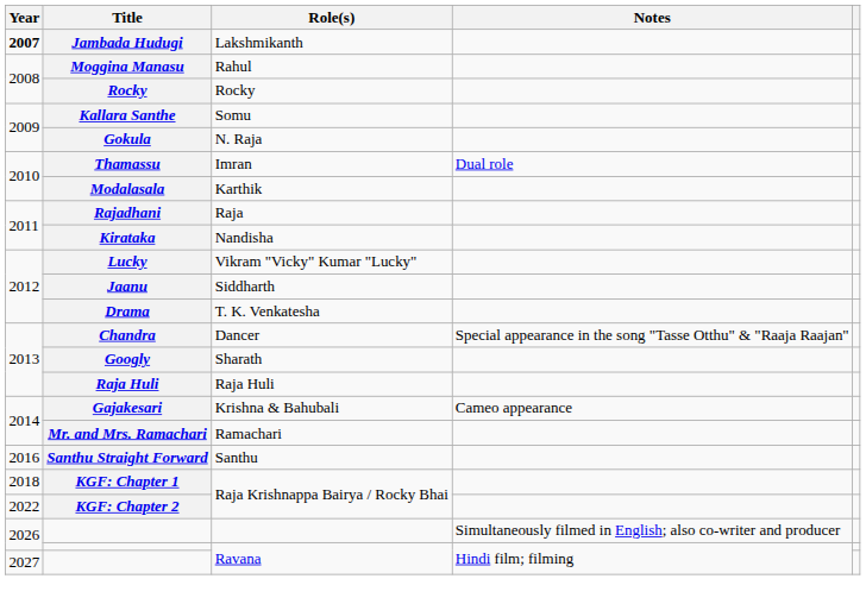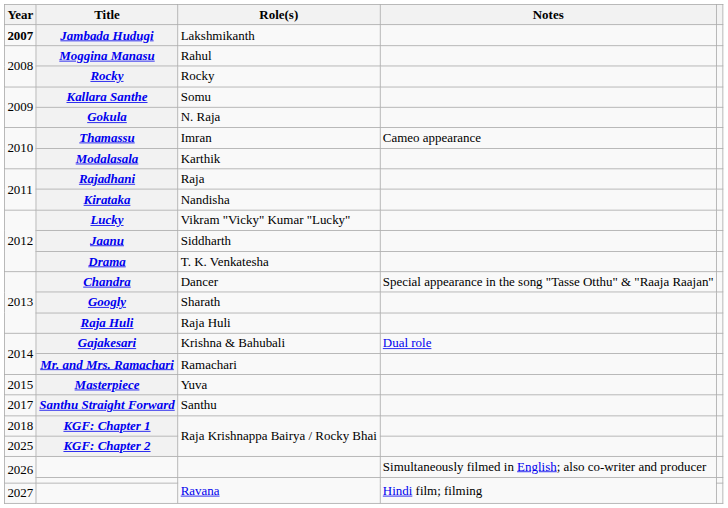 <table class="wikitable sortable plainrowheaders">
 <tr>
 <th scope="col">Year</th>
 <th scope="col">Title</th>
 <th scope="col">Role(s)</th>
 <th class="unsortable" scope="col">Notes</th>
 <th class="unsortable" scope="col"></th>
 </tr>
 <tr>
 <td><strong>2007</strong></td>
 <th scope="row"><em><a href='#'>Jambada Hudugi</a></em></th>
 <td>Lakshmikanth</td>
 <td></td>
 <td style="text-align: center;"></td>
 </tr>
 <tr>
 <td rowspan="2">2008</td>
 <th scope="row"><em><a href='#'>Moggina Manasu</a></em></th>
 <td>Rahul</td>
 <td></td>
 <td style="text-align: center;"></td>
 </tr>
 <tr>
 <th scope="row"><em><a href='#'>Rocky</a></em></th>
 <td>Rocky</td>
 <td></td>
 <td style="text-align: center;"></td>
 </tr>
 <tr>
 <td rowspan="2">2009</td>
 <th scope="row"><em><a href='#'>Kallara Santhe</a></em></th>
 <td>Somu</td>
 <td></td>
 <td style="text-align:center;"></td>
 </tr>
 <tr>
 <th scope="row"><em><a href='#'>Gokula</a></em></th>
 <td>N. Raja</td>
 <td></td>
 <td style="text-align:center;"></td>
 </tr>
 <tr>
 <td rowspan="2">2010</td>
 <th scope="row"><em><a href='#'>Thamassu</a></em></th>
 <td>Imran</td>
-<td><a href='#'>Dual role</a></td>
+<td>Cameo appearance</td>
 <td style="text-align: center;"></td>
 </tr>
 <tr>
 <th scope="row"><em><a href='#'>Modalasala</a></em></th>
 <td>Karthik</td>
 <td></td>
 <td style="text-align:center;"></td>
 </tr>
 <tr>
 <td rowspan="2">2011</td>
 <th scope="row"><em><a href='#'>Rajadhani</a></em></th>
 <td>Raja</td>
 <td></td>
 <td style="text-align:center;"></td>
 </tr>
 <tr>
 <th scope="row"><em><a href='#'>Kirataka</a></em></th>
 <td>Nandisha</td>
 <td></td>
 <td style="text-align: center;"></td>
 </tr>
 <tr>
 <td rowspan="3">2012</td>
 <th scope="row"><em><a href='#'>Lucky</a></em></th>
 <td>Vikram "Vicky" Kumar  "Lucky"</td>
 <td></td>
 <td style="text-align:center;"></td>
 </tr>
 <tr>
 <th scope="row"><em><a href='#'>Jaanu</a></em></th>
 <td>Siddharth</td>
 <td></td>
 <td style="text-align: center;"></td>
 </tr>
 <tr>
 <th scope="row"><em><a href='#'>Drama</a></em></th>
 <td>T. K. Venkatesha</td>
 <td></td>
 <td style="text-align:center;"></td>
 </tr>
 <tr>
 <td rowspan="3">2013</td>
 <th scope="row"><em><a href='#'>Chandra</a></em></th>
 <td>Dancer</td>
 <td>Special appearance in the song "Tasse Otthu" & "Raaja Raajan"</td>
 <td style="text-align: center;"></td>
 </tr>
 <tr>
 <th scope="row"><em><a href='#'>Googly</a></em></th>
 <td>Sharath</td>
 <td></td>
 <td style="text-align: center;"></td>
 </tr>
 <tr>
 <th scope="row"><em><a href='#'>Raja Huli</a></em></th>
 <td>Raja Huli</td>
 <td></td>
 <td style="text-align: center;"></td>
 </tr>
 <tr>
 <td rowspan="2">2014</td>
 <th scope="row"><em><a href='#'>Gajakesari</a></em></th>
 <td>Krishna & Bahubali</td>
-<td>Cameo appearance</td>
+<td><a href='#'>Dual role</a></td>
 <td style="text-align:center;"></td>
 </tr>
 <tr>
 <th scope="row"><em><a href='#'>Mr. and Mrs. Ramachari</a></em></th>
 <td>Ramachari</td>
 <td></td>
 <td style="text-align: center;"></td>
 </tr>
 <tr>
-<td>2016</td>
+<td>2015</td>
+<th scope="row"><em><a href='#'>Masterpiece</a></em></th>
+<td>Yuva</td>
+<td></td>
+<td style="text-align: center;"></td>
+</tr>
+<tr>
+<td>2017</td>
 <th scope="row"><em><a href='#'>Santhu Straight Forward</a></em></th>
 <td>Santhu</td>
 <td></td>
 <td style="text-align: center;"></td>
 </tr>
 <tr>
 <td>2018</td>
 <th scope="row"><em><a href='#'>KGF: Chapter 1</a></em></th>
 <td rowspan="2">Raja Krishnappa Bairya / Rocky Bhai</td>
 <td></td>
 <td style="text-align: center;"></td>
 </tr>
 <tr>
-<td>2022</td>
+<td>2025</td>
 <th scope="row"><em><a href='#'>KGF: Chapter 2</a></em></th>
 <td></td>
 <td style="text-align:center;"></td>
 </tr>
 <tr>
 <td rowspan="2">2026</td>
 <td></td>
 <td></td>
 <td>Simultaneously filmed in <a href='#'>English</a>; also co-writer and producer</td>
 <td style="text-align:center;"></td>
 </tr>
 <tr>
 <td></td>
 <td rowspan="2"><a href='#'>Ravana</a></td>
 <td rowspan="2"><a href='#'>Hindi</a> film; filming</td>
 <td></td>
 </tr>
 <tr>
 <td>2027</td>
 <td><br>   </td>
 </tr>
 </table>
